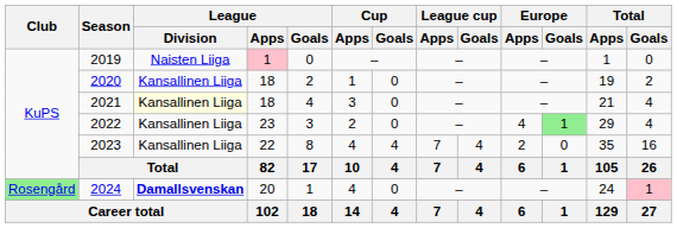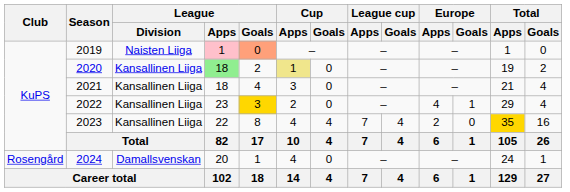 <table class="wikitable" style="text-align:center">
 <tr>
 <th rowspan="2">Club</th>
 <th rowspan="2">Season</th>
 <th colspan="3">League</th>
 <th colspan="2">Cup</th>
 <th colspan="2">League cup</th>
 <th colspan="2">Europe</th>
 <th colspan="2">Total</th>
 </tr>
 <tr>
 <th>Division</th>
 <th>Apps</th>
 <th>Goals</th>
 <th>Apps</th>
 <th>Goals</th>
 <th>Apps</th>
 <th>Goals</th>
 <th>Apps</th>
 <th>Goals</th>
 <th>Apps</th>
 <th>Goals</th>
 </tr>
 <tr>
 <td rowspan=6><a href='#'>KuPS</a></td>
 <td>2019</td>
 <td><a href='#'>Naisten Liiga</a></td>
 <td style="background: pink;">1</td>
-<td>0</td>
+<td style="background: lightsalmon;">0</td>
 <td colspan=2>–</td>
 <td colspan=2>–</td>
 <td colspan=2>–</td>
 <td>1</td>
 <td>0</td>
 </tr>
 <tr>
 <td><a href='#'>2020</a></td>
 <td><a href='#'>Kansallinen Liiga</a></td>
-<td>18</td>
+<td style="background: lightgreen;">18</td>
 <td>2</td>
-<td>1</td>
+<td style="background: khaki;">1</td>
 <td>0</td>
 <td colspan=2>–</td>
 <td colspan=2>–</td>
 <td>19</td>
 <td>2</td>
 </tr>
 <tr>
 <td>2021</td>
-<td style="background: lightyellow;">Kansallinen Liiga</td>
+<td>Kansallinen Liiga</td>
 <td>18</td>
 <td>4</td>
 <td>3</td>
 <td>0</td>
 <td colspan=2>–</td>
 <td colspan=2>–</td>
 <td>21</td>
 <td>4</td>
 </tr>
 <tr>
 <td>2022</td>
 <td>Kansallinen Liiga</td>
 <td>23</td>
-<td>3</td>
+<td style="background: gold;">3</td>
 <td>2</td>
 <td>0</td>
 <td colspan=2>–</td>
 <td>4</td>
-<td style="background: lightgreen;">1</td>
+<td>1</td>
 <td>29</td>
 <td>4</td>
 </tr>
 <tr>
 <td>2023</td>
 <td>Kansallinen Liiga</td>
 <td>22</td>
 <td>8</td>
 <td>4</td>
 <td>4</td>
 <td>7</td>
 <td>4</td>
 <td>2</td>
 <td>0</td>
-<td>35</td>
+<td style="background: gold;">35</td>
 <td>16</td>
 </tr>
 <tr>
 <th colspan=2>Total</th>
 <th>82</th>
 <th>17</th>
 <th>10</th>
 <th>4</th>
 <th>7</th>
 <th>4</th>
 <th>6</th>
 <th>1</th>
 <th>105</th>
 <th>26</th>
 </tr>
 <tr>
-<td style="background: lightgreen;"><a href='#'>Rosengård</a></td>
+<td><a href='#'>Rosengård</a></td>
 <td><a href='#'>2024</a></td>
-<td><strong><a href='#'>Damallsvenskan</a></strong></td>
+<td><a href='#'>Damallsvenskan</a></td>
 <td>20</td>
 <td>1</td>
 <td>4</td>
 <td>0</td>
 <td colspan=2>–</td>
 <td colspan=2>–</td>
 <td>24</td>
-<td style="background: pink;">1</td>
+<td>1</td>
 </tr>
 <tr>
 <th colspan="3">Career total</th>
 <th>102</th>
 <th>18</th>
 <th>14</th>
 <th>4</th>
 <th>7</th>
 <th>4</th>
 <th>6</th>
 <th>1</th>
 <th>129</th>
 <th>27</th>
 </tr>
 </table>
